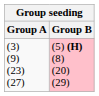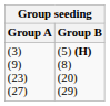 <table class="wikitable collapsible collapsed">
 <tr>
 <th colspan=2>Group seeding</th>
 </tr>
 <tr>
 <th>Group A</th>
 <th>Group B</th>
 </tr>
 <tr>
 <td valign=top> (3)<br> (9)<br> (23)<br> (27)</td>
-<td valign=top style="background: pink;"> (5) <strong>(H)</strong><br> (8)<br> (20)<br> (29)</td>
+<td valign=top> (5) <strong>(H)</strong><br> (8)<br> (20)<br> (29)</td>
 </tr>
 </table>
